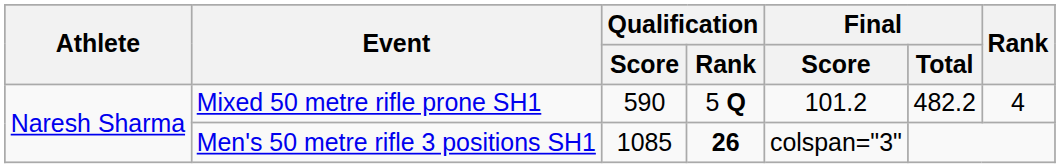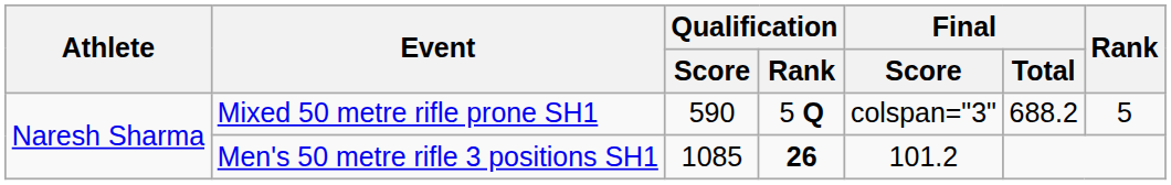 <table class="wikitable" style="font-size:90%">
 <tr>
 <th rowspan="2">Athlete</th>
 <th rowspan="2">Event</th>
 <th colspan="2">Qualification</th>
 <th colspan="2">Final</th>
 <th rowspan="2">Rank</th>
 </tr>
 <tr>
 <th>Score</th>
 <th>Rank</th>
 <th>Score</th>
 <th>Total</th>
 </tr>
 <tr>
 <td rowspan="2"><a href='#'>Naresh Sharma</a></td>
 <td><a href='#'>Mixed 50 metre rifle prone SH1</a></td>
 <td align="center">590</td>
 <td align="center">5 <strong>Q</strong></td>
-<td align="center">101.2</td>
-<td align="center">482.2</td>
-<td align="center">4</td>
+<td>colspan="3" </td>
+<td align="center">688.2</td>
+<td align="center">5</td>
 </tr>
 <tr>
 <td><a href='#'>Men's 50 metre rifle 3 positions SH1</a></td>
 <td align="center">1085</td>
 <td align="center"><strong>26</strong></td>
-<td>colspan="3" </td>
+<td align="center">101.2</td>
 </tr>
 </table>
